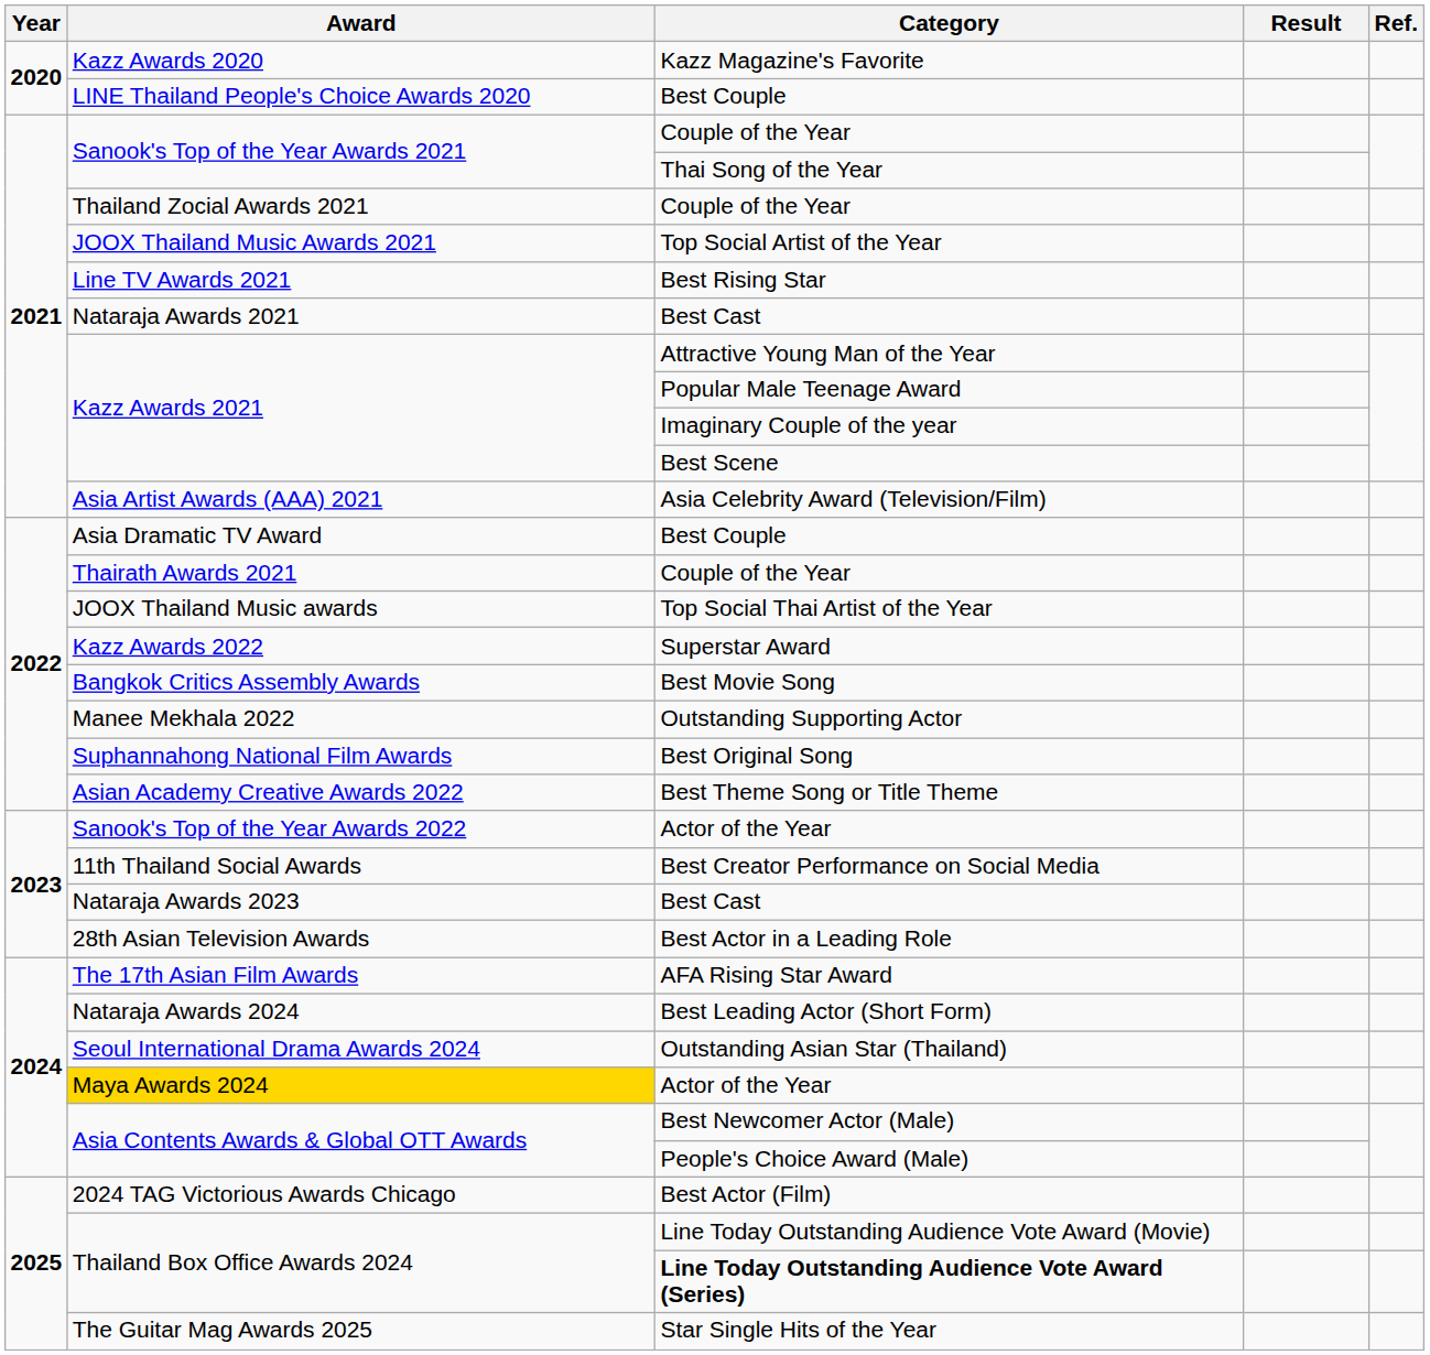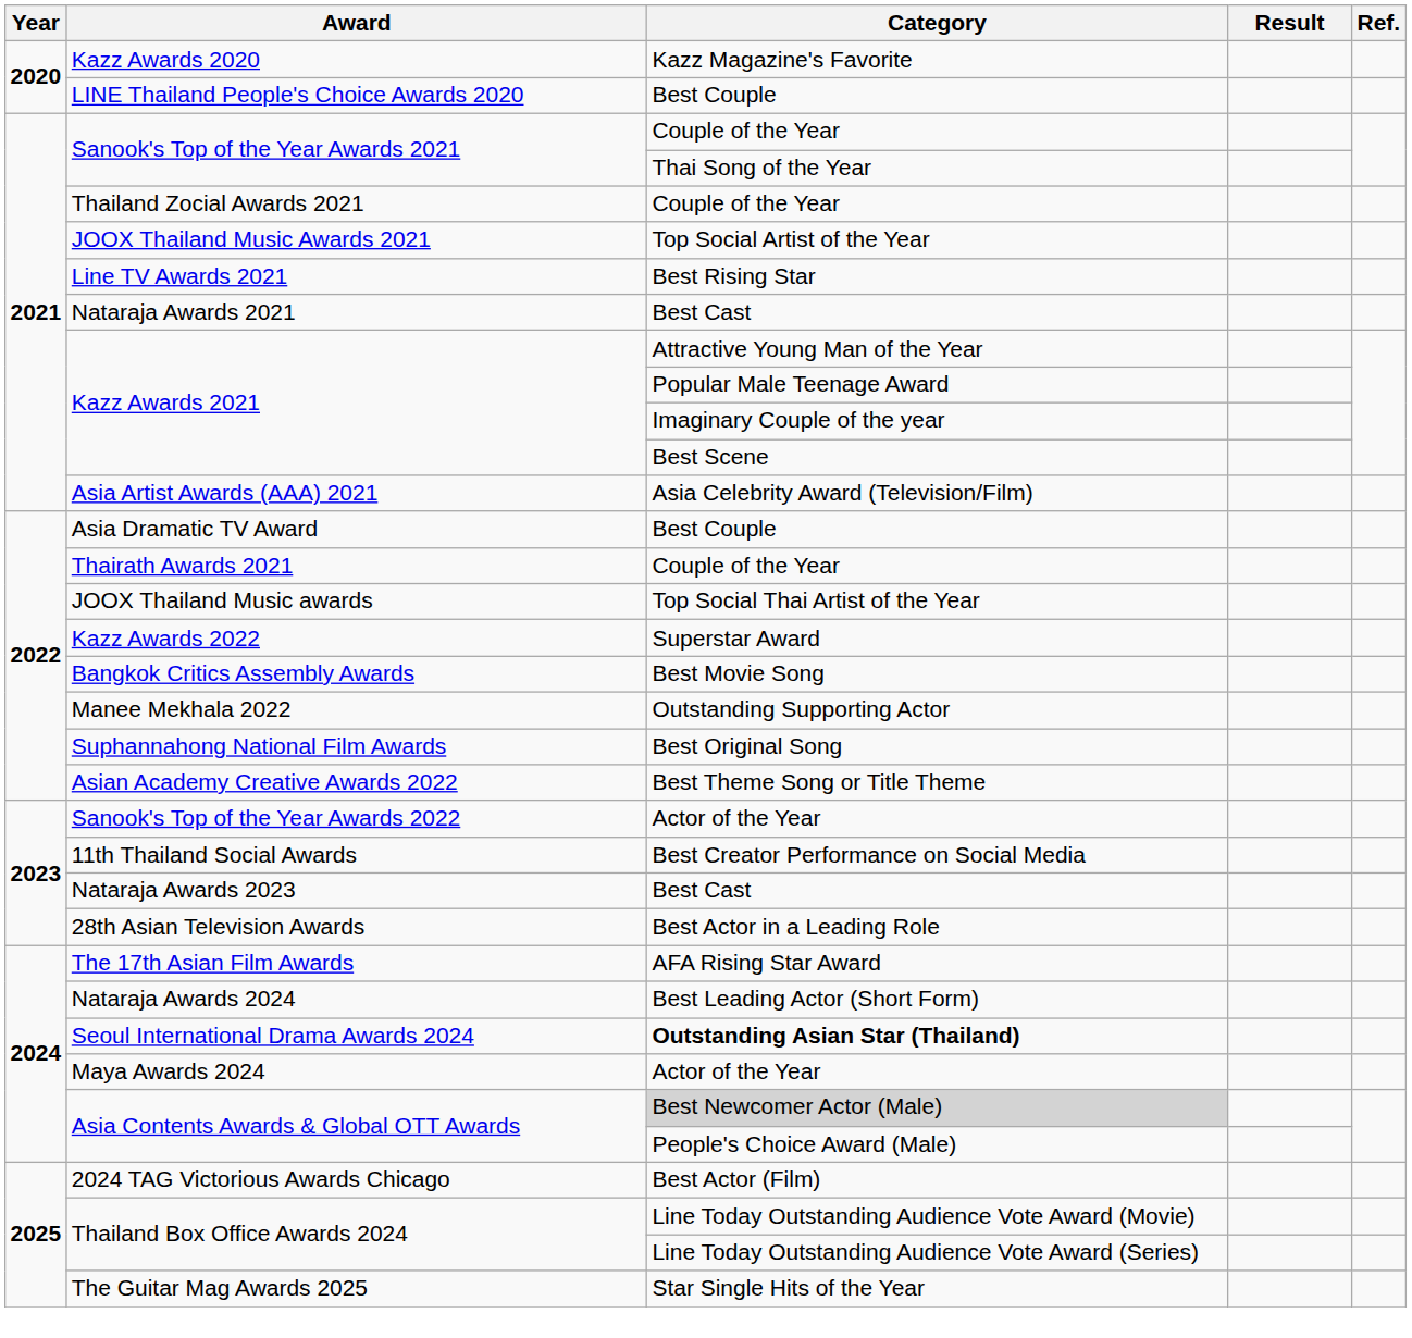 <table class="wikitable">
 <tr>
 <th scope="col" style="width:1em;">Year</th>
 <th scope="col" style="width:25em;">Award</th>
 <th scope="col" style="width:25em;">Category</th>
 <th scope="col" style="width:5em;">Result</th>
 <th scope="col" style="width:1em;" class="unsortable">Ref.</th>
 </tr>
 <tr>
 <td rowspan="2"><strong>2020</strong></td>
 <td><a href='#'>Kazz Awards 2020</a></td>
 <td>Kazz Magazine's Favorite</td>
 <td></td>
 <td style="text-align: center;"></td>
 </tr>
 <tr>
 <td><a href='#'>LINE Thailand People's Choice Awards 2020</a></td>
 <td>Best Couple</td>
 <td></td>
 <td style="text-align: center;"></td>
 </tr>
 <tr>
 <td rowspan="11"><strong>2021</strong></td>
 <td rowspan="2"><a href='#'>Sanook's Top of the Year Awards 2021</a></td>
 <td>Couple of the Year</td>
 <td></td>
 <td rowspan="2" style="text-align: center;"></td>
 </tr>
 <tr>
 <td>Thai Song of the Year</td>
 <td></td>
 </tr>
 <tr>
 <td>Thailand Zocial Awards 2021</td>
 <td>Couple of the Year</td>
 <td></td>
 <td style="text-align: center;"></td>
 </tr>
 <tr>
 <td><a href='#'>JOOX Thailand Music Awards 2021</a></td>
 <td>Top Social Artist of the Year</td>
 <td></td>
 <td style="text-align: center;"></td>
 </tr>
 <tr>
 <td><a href='#'>Line TV Awards 2021</a></td>
 <td>Best Rising Star</td>
 <td></td>
 <td style="text-align: center;"></td>
 </tr>
 <tr>
 <td>Nataraja Awards 2021</td>
 <td>Best Cast</td>
 <td></td>
 <td style="text-align: center;"></td>
 </tr>
 <tr>
 <td rowspan="4"><a href='#'>Kazz Awards 2021</a></td>
 <td>Attractive Young Man of the Year</td>
 <td></td>
 <td rowspan="4" style="text-align: center;"></td>
 </tr>
 <tr>
 <td>Popular Male Teenage Award</td>
 <td></td>
 </tr>
 <tr>
 <td>Imaginary Couple of the year</td>
 <td></td>
 </tr>
 <tr>
 <td>Best Scene</td>
 <td></td>
 </tr>
 <tr>
 <td><a href='#'>Asia Artist Awards (AAA) 2021</a></td>
 <td>Asia Celebrity Award (Television/Film)</td>
 <td></td>
 <td style="text-align: center;"></td>
 </tr>
 <tr>
 <td rowspan="8"><strong>2022</strong></td>
 <td>Asia Dramatic TV Award</td>
 <td>Best Couple</td>
 <td></td>
 <td style="text-align: center;"></td>
 </tr>
 <tr>
 <td><a href='#'>Thairath Awards 2021</a></td>
 <td>Couple of the Year</td>
 <td></td>
 <td style="text-align: center;"></td>
 </tr>
 <tr>
 <td>JOOX Thailand Music awards</td>
 <td>Top Social Thai Artist of the Year</td>
 <td></td>
 <td style="text-align: center;"></td>
 </tr>
 <tr>
 <td><a href='#'>Kazz Awards 2022</a></td>
 <td>Superstar Award</td>
 <td></td>
 <td></td>
 </tr>
 <tr>
 <td><a href='#'>Bangkok Critics Assembly Awards</a></td>
 <td>Best Movie Song</td>
 <td></td>
 <td style="text-align: center;"></td>
 </tr>
 <tr>
 <td>Manee Mekhala 2022</td>
 <td>Outstanding Supporting Actor</td>
 <td></td>
 <td style="text-align: center;"></td>
 </tr>
 <tr>
 <td><a href='#'>Suphannahong National Film Awards</a></td>
 <td>Best Original Song</td>
 <td></td>
 <td style="text-align: center;"></td>
 </tr>
 <tr>
 <td><a href='#'>Asian Academy Creative Awards 2022</a></td>
 <td>Best Theme Song or Title Theme</td>
 <td></td>
 <td style="text-align: center;"></td>
 </tr>
 <tr>
 <td rowspan="4"><strong>2023</strong></td>
 <td><a href='#'>Sanook's Top of the Year Awards 2022</a></td>
 <td>Actor of the Year</td>
 <td></td>
 <td style="text-align: center;"></td>
 </tr>
 <tr>
 <td>11th Thailand Social Awards</td>
 <td>Best Creator Performance on Social Media</td>
 <td></td>
 <td style="text-align: center;"></td>
 </tr>
 <tr>
 <td>Nataraja Awards 2023</td>
 <td>Best Cast</td>
 <td></td>
 <td style="text-align: center;"></td>
 </tr>
 <tr>
 <td>28th Asian Television Awards</td>
 <td>Best Actor in a Leading Role</td>
 <td></td>
 <td style="text-align: center;"></td>
 </tr>
 <tr>
 <td rowspan="6"><strong>2024</strong></td>
 <td><a href='#'>The 17th Asian Film Awards</a></td>
 <td>AFA Rising Star Award</td>
 <td></td>
 <td style="text-align: center;"></td>
 </tr>
 <tr>
 <td>Nataraja Awards 2024</td>
 <td>Best Leading Actor (Short Form)</td>
 <td></td>
 <td style="text-align: center;"></td>
 </tr>
 <tr>
 <td><a href='#'>Seoul International Drama Awards 2024</a></td>
-<td>Outstanding Asian Star (Thailand)</td>
+<td><strong>Outstanding Asian Star (Thailand)</strong></td>
 <td></td>
 <td style="text-align: center;"></td>
 </tr>
 <tr>
-<td style="background: gold;">Maya Awards 2024</td>
+<td>Maya Awards 2024</td>
 <td>Actor of the Year</td>
 <td></td>
 <td style="text-align: center;"></td>
 </tr>
 <tr>
 <td rowspan="2"><a href='#'>Asia Contents Awards & Global OTT Awards</a></td>
-<td>Best Newcomer Actor (Male)</td>
+<td style="background: lightgrey;">Best Newcomer Actor (Male)</td>
 <td></td>
 <td rowspan="2" style="text-align: center;"></td>
 </tr>
 <tr>
 <td>People's Choice Award (Male)</td>
 <td></td>
 </tr>
 <tr>
 <td rowspan="4"><strong>2025</strong></td>
 <td>2024 TAG Victorious Awards Chicago</td>
 <td>Best Actor (Film)</td>
 <td></td>
 <td style="text-align: center;"></td>
 </tr>
 <tr>
 <td rowspan="2">Thailand Box Office Awards 2024</td>
 <td>Line Today Outstanding Audience Vote Award (Movie)</td>
 <td></td>
 <td style="text-align: center;"></td>
 </tr>
 <tr>
-<td><strong>Line Today Outstanding Audience Vote Award (Series)</strong></td>
+<td>Line Today Outstanding Audience Vote Award (Series)</td>
 <td></td>
 <td style="text-align: center;"></td>
 </tr>
 <tr>
 <td>The Guitar Mag Awards 2025</td>
 <td>Star Single Hits of the Year</td>
 <td></td>
 <td style="text-align: center;"></td>
 </tr>
 </table>
